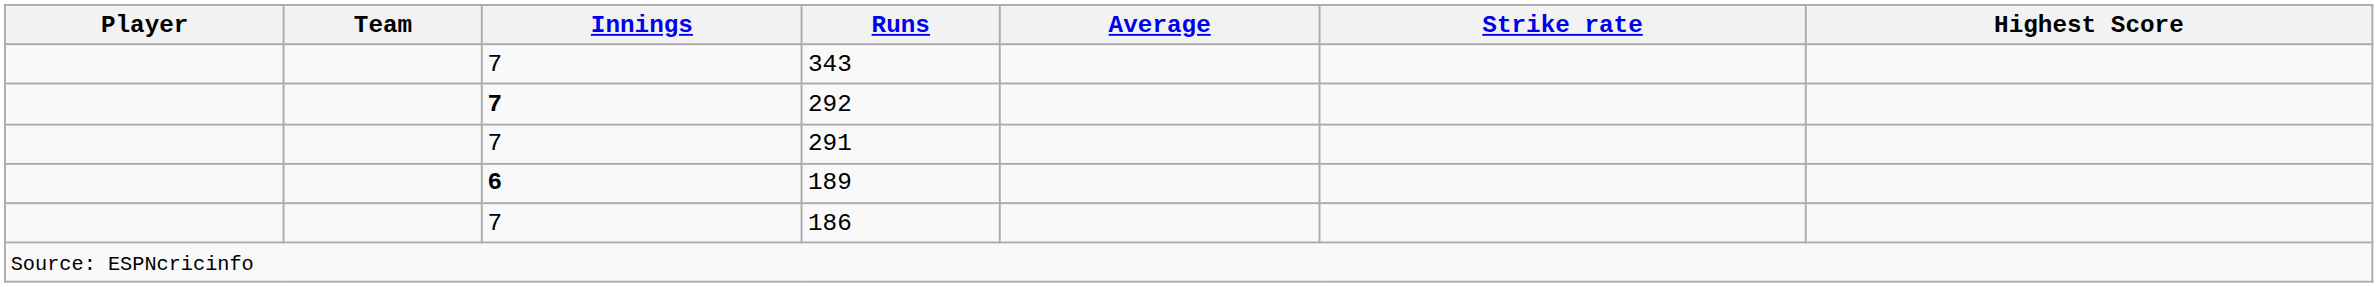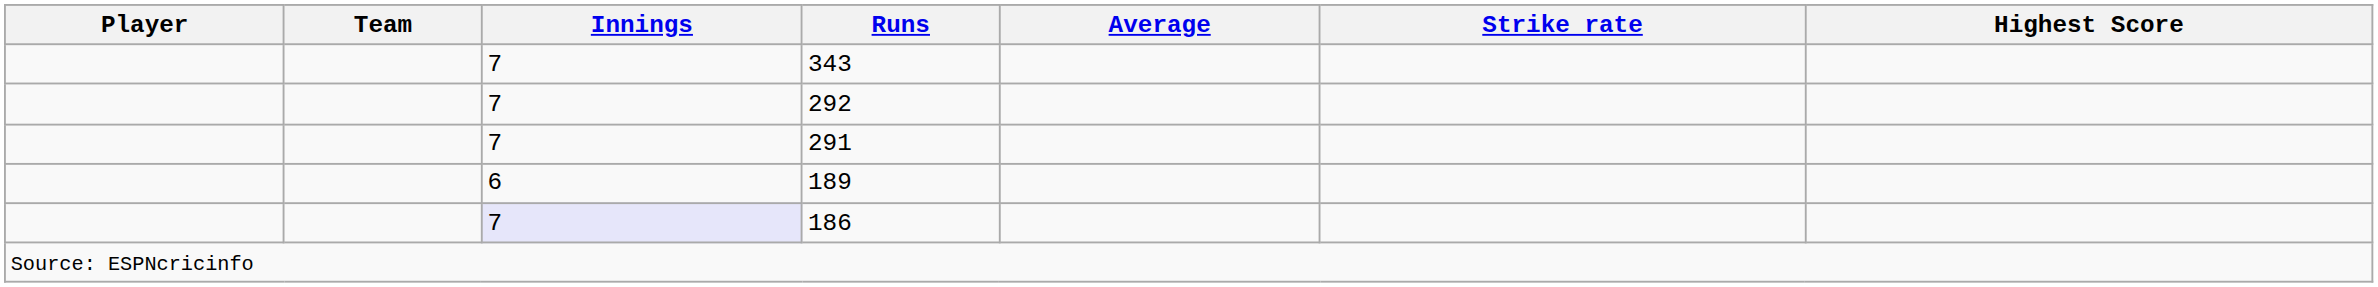 <table class="wikitable sortable" style="width:80%;">
 <tr>
 <th>Player</th>
 <th>Team</th>
 <th><a href='#'>Innings</a></th>
 <th><a href='#'>Runs</a></th>
 <th><a href='#'>Average</a></th>
 <th><a href='#'>Strike rate</a></th>
 <th>Highest Score</th>
 </tr>
 <tr>
 <td></td>
 <td></td>
 <td>7</td>
 <td>343</td>
 <td></td>
 <td></td>
 <td></td>
 </tr>
 <tr>
 <td></td>
 <td></td>
-<td><strong>7</strong></td>
+<td>7</td>
 <td>292</td>
 <td></td>
 <td></td>
 <td></td>
 </tr>
 <tr>
 <td></td>
 <td></td>
 <td>7</td>
 <td>291</td>
 <td></td>
 <td></td>
 <td></td>
 </tr>
 <tr>
 <td></td>
 <td></td>
-<td><strong>6</strong></td>
+<td>6</td>
 <td>189</td>
 <td></td>
 <td></td>
 <td></td>
 </tr>
 <tr>
 <td></td>
 <td></td>
-<td>7</td>
+<td style="background: lavender;">7</td>
 <td>186</td>
 <td></td>
 <td></td>
 <td></td>
 </tr>
 <tr class="unsortable">
 <td colspan="8"><small> Source: ESPNcricinfo</small></td>
 </tr>
 </table>
